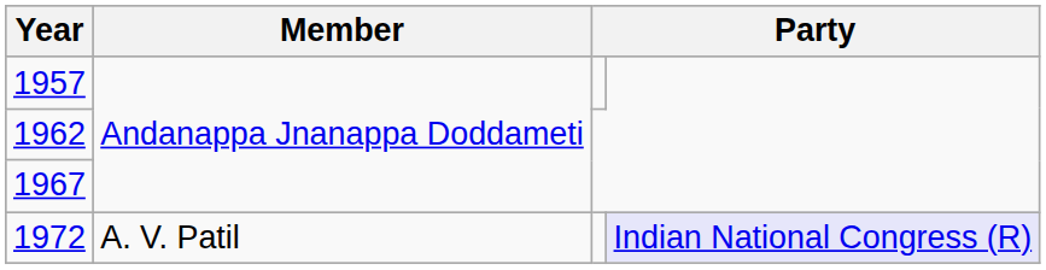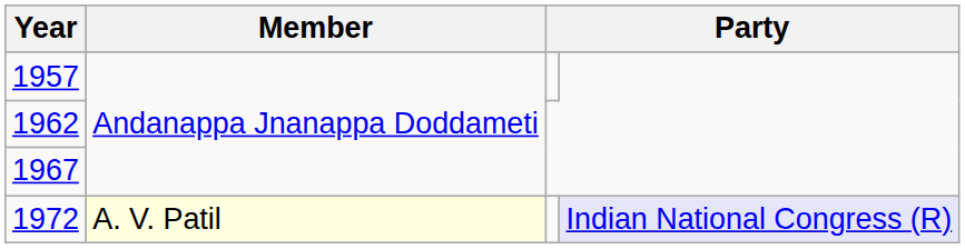 <table class="wikitable sortable">
 <tr>
 <th>Year</th>
 <th>Member</th>
 <th colspan="2">Party</th>
 </tr>
 <tr>
 <td><a href='#'>1957</a></td>
 <td rowspan=3><a href='#'>Andanappa Jnanappa Doddameti</a></td>
 <td></td>
 </tr>
 <tr>
 <td><a href='#'>1962</a></td>
 </tr>
 <tr>
 <td><a href='#'>1967</a></td>
 </tr>
 <tr>
 <td><a href='#'>1972</a></td>
-<td>A. V. Patil</td>
+<td style="background: lightyellow;">A. V. Patil</td>
 <td bgcolor=></td>
 <td style="background: lavender;"><a href='#'>Indian National Congress (R)</a></td>
 </tr>
 </table>
